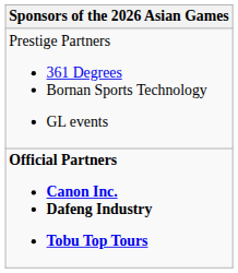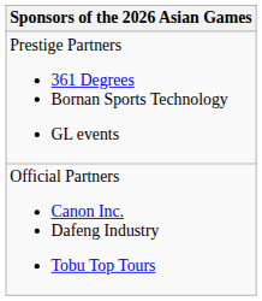 <table class="wikitable collapsible " style="float:center; margin:10px;">
 <tr>
 <th>Sponsors of the 2026 Asian Games</th>
 </tr>
 <tr>
 <td>Prestige Partners<br> <ul><li><a href='#'>361 Degrees</a></li><li>Bornan Sports Technology</li></ul><ul><li>GL events</li></ul></td>
 </tr>
 <tr>
-<td><strong>Official Partners<br> <ul><li><a href='#'>Canon Inc.</a></li><li>Dafeng Industry</li></ul><ul><li><a href='#'>Tobu Top Tours</a></li></ul></strong></td>
+<td>Official Partners<br> <ul><li><a href='#'>Canon Inc.</a></li><li>Dafeng Industry</li></ul><ul><li><a href='#'>Tobu Top Tours</a></li></ul></td>
 </tr>
 </table>
